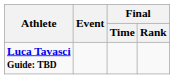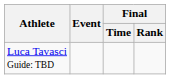 <table class="wikitable" style="font-size:90%">
 <tr>
 <th rowspan="2">Athlete</th>
 <th rowspan="2">Event</th>
 <th colspan="3">Final</th>
 </tr>
 <tr>
 <th>Time</th>
 <th>Rank</th>
 </tr>
 <tr align=center>
-<td align=left><strong><a href='#'>Luca Tavasci</a><br><small>Guide: TBD</small></strong></td>
+<td align=left><a href='#'>Luca Tavasci</a><br><small>Guide: TBD</small></td>
 <td align=left></td>
 <td></td>
 <td></td>
 </tr>
 </table>
